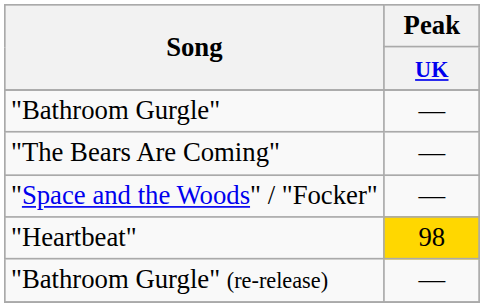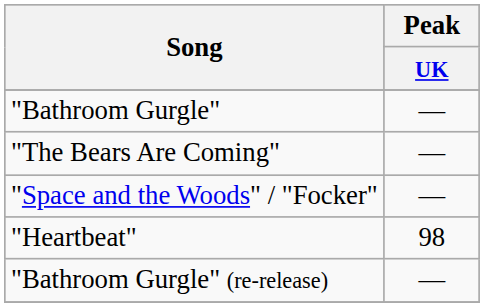 <table class="wikitable">
 <tr>
 <th rowspan="2">Song</th>
 <th colspan="4">Peak</th>
 </tr>
 <tr>
 <th width="50"><small><a href='#'>UK</a><br></small></th>
 </tr>
 <tr>
 </tr>
 <tr>
 <td>"Bathroom Gurgle"</td>
 <td align="center">—</td>
 </tr>
 <tr>
 <td>"The Bears Are Coming"</td>
 <td align="center">—</td>
 </tr>
 <tr>
 <td>"<a href='#'>Space and the Woods</a>" / "Focker"</td>
 <td align="center">—</td>
 </tr>
 <tr>
 <td>"Heartbeat"</td>
-<td align="center" style="background: gold;">98</td>
+<td align="center">98</td>
 </tr>
 <tr>
 <td>"Bathroom Gurgle" <small>(re-release)</small></td>
 <td align="center">—</td>
 </tr>
 <tr>
 </tr>
 </table>
